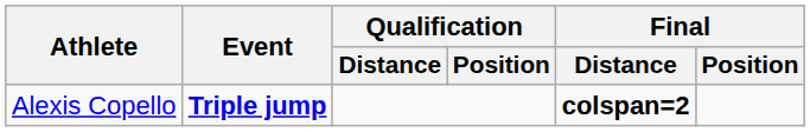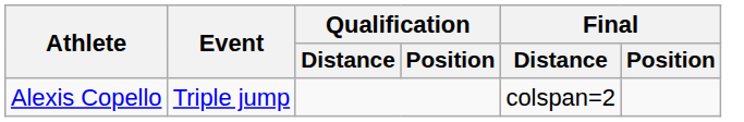 <table class=wikitable style=font-size:90%>
 <tr>
 <th rowspan=2>Athlete</th>
 <th rowspan=2>Event</th>
 <th colspan=2>Qualification</th>
 <th colspan=2>Final</th>
 </tr>
 <tr style=font-size:95%>
 <th>Distance</th>
 <th>Position</th>
 <th>Distance</th>
 <th>Position</th>
 </tr>
 <tr align=center>
 <td align=left><a href='#'>Alexis Copello</a></td>
-<td align=left><strong><a href='#'>Triple jump</a></strong></td>
+<td align=left><a href='#'>Triple jump</a></td>
 <td colspan=2></td>
-<td><strong>colspan=2 </strong></td>
+<td>colspan=2 </td>
 </tr>
 </table>
